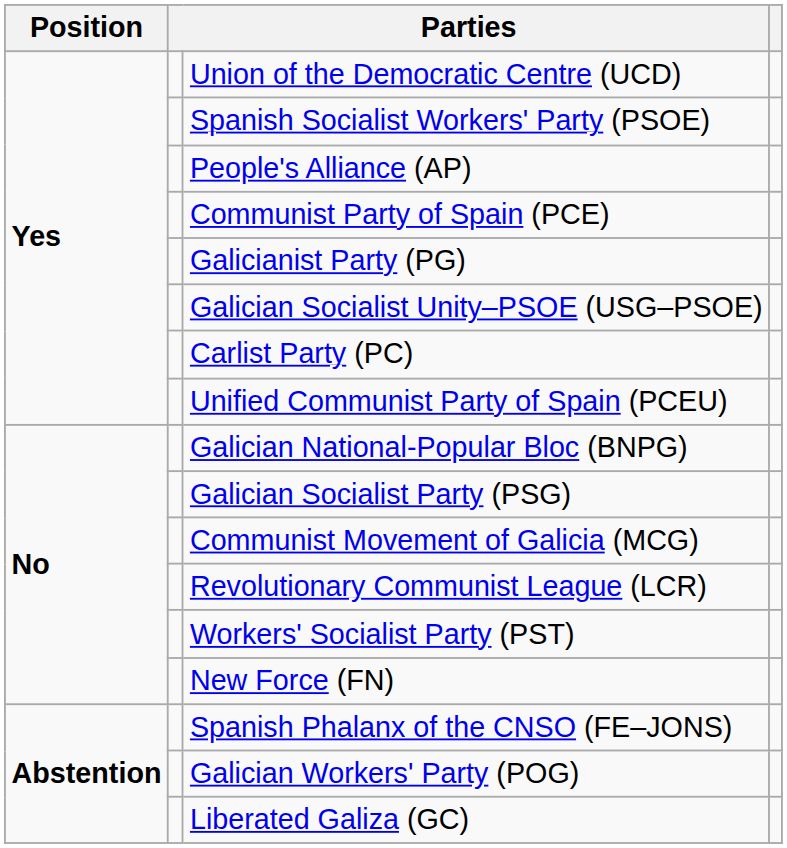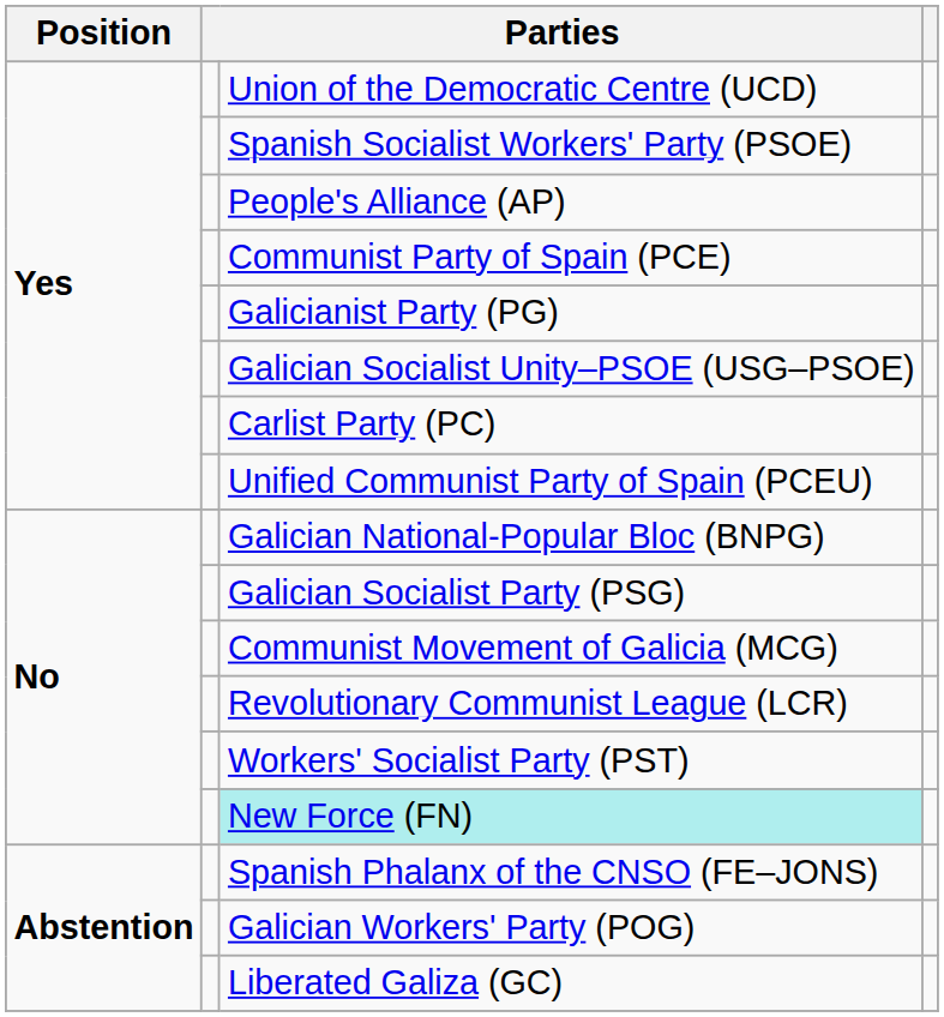 <table class="wikitable" style="font-size:97%; text-align:left;">
 <tr>
 <th>Position</th>
 <th colspan="2">Parties</th>
 <th></th>
 </tr>
 <tr>
 <td rowspan="8"> <strong>Yes</strong></td>
 <td width="1" bgcolor=></td>
 <td><a href='#'>Union of the Democratic Centre</a> (UCD)</td>
 <td></td>
 </tr>
 <tr>
 <td style="color:inherit;background:"></td>
 <td><a href='#'>Spanish Socialist Workers' Party</a> (PSOE)</td>
 <td></td>
 </tr>
 <tr>
 <td style="color:inherit;background:"></td>
 <td><a href='#'>People's Alliance</a> (AP)</td>
 <td></td>
 </tr>
 <tr>
 <td style="color:inherit;background:"></td>
 <td><a href='#'>Communist Party of Spain</a> (PCE)</td>
 <td></td>
 </tr>
 <tr>
 <td style="color:inherit;background:"></td>
 <td><a href='#'>Galicianist Party</a> (PG)</td>
 <td></td>
 </tr>
 <tr>
 <td style="color:inherit;background:"></td>
 <td><a href='#'>Galician Socialist Unity–PSOE</a> (USG–PSOE)</td>
 <td></td>
 </tr>
 <tr>
 <td style="color:inherit;background:"></td>
 <td><a href='#'>Carlist Party</a> (PC)</td>
 <td></td>
 </tr>
 <tr>
 <td style="color:inherit;background:"></td>
 <td><a href='#'>Unified Communist Party of Spain</a> (PCEU)</td>
 <td></td>
 </tr>
 <tr>
 <td rowspan="6"> <strong>No</strong></td>
 <td style="color:inherit;background:"></td>
 <td><a href='#'>Galician National-Popular Bloc</a> (BNPG)</td>
 <td></td>
 </tr>
 <tr>
 <td style="color:inherit;background:"></td>
 <td><a href='#'>Galician Socialist Party</a> (PSG)</td>
 <td></td>
 </tr>
 <tr>
 <td style="color:inherit;background:"></td>
 <td><a href='#'>Communist Movement of Galicia</a> (MCG)</td>
 <td></td>
 </tr>
 <tr>
 <td style="color:inherit;background:"></td>
 <td><a href='#'>Revolutionary Communist League</a> (LCR)</td>
 <td></td>
 </tr>
 <tr>
 <td style="color:inherit;background:"></td>
 <td><a href='#'>Workers' Socialist Party</a> (PST)</td>
 <td></td>
 </tr>
 <tr>
 <td style="color:inherit;background:"></td>
-<td><a href='#'>New Force</a> (FN)</td>
+<td style="background: paleturquoise;"><a href='#'>New Force</a> (FN)</td>
 <td></td>
 </tr>
 <tr>
 <td rowspan="3"><strong>Abstention</strong></td>
 <td style="color:inherit;background:"></td>
 <td><a href='#'>Spanish Phalanx of the CNSO</a> (FE–JONS)</td>
 <td></td>
 </tr>
 <tr>
 <td style="color:inherit;background:"></td>
 <td><a href='#'>Galician Workers' Party</a> (POG)</td>
 <td></td>
 </tr>
 <tr>
 <td style="color:inherit;background:"></td>
 <td><a href='#'>Liberated Galiza</a> (GC)</td>
 <td></td>
 </tr>
 </table>
